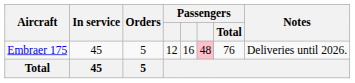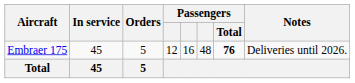 <table class="wikitable" style="border-collapse:collapse;text-align:center;margin:auto;">
 <tr>
 <th rowspan="2">Aircraft</th>
 <th rowspan="2">In service</th>
 <th rowspan="2">Orders</th>
 <th colspan="4">Passengers</th>
 <th rowspan="2">Notes</th>
 </tr>
 <tr>
 <th></th>
 <th></th>
 <th></th>
 <th>Total</th>
 </tr>
 <tr>
 <td><a href='#'>Embraer 175</a></td>
 <td>45</td>
 <td>5</td>
 <td>12</td>
 <td>16</td>
-<td style="background: pink;">48</td>
-<td>76</td>
+<td>48</td>
+<td><strong>76</strong></td>
 <td>Deliveries until 2026.</td>
 </tr>
 <tr>
 <th>Total</th>
 <th>45</th>
 <th>5</th>
 <th colspan="5"></th>
 </tr>
 </table>
